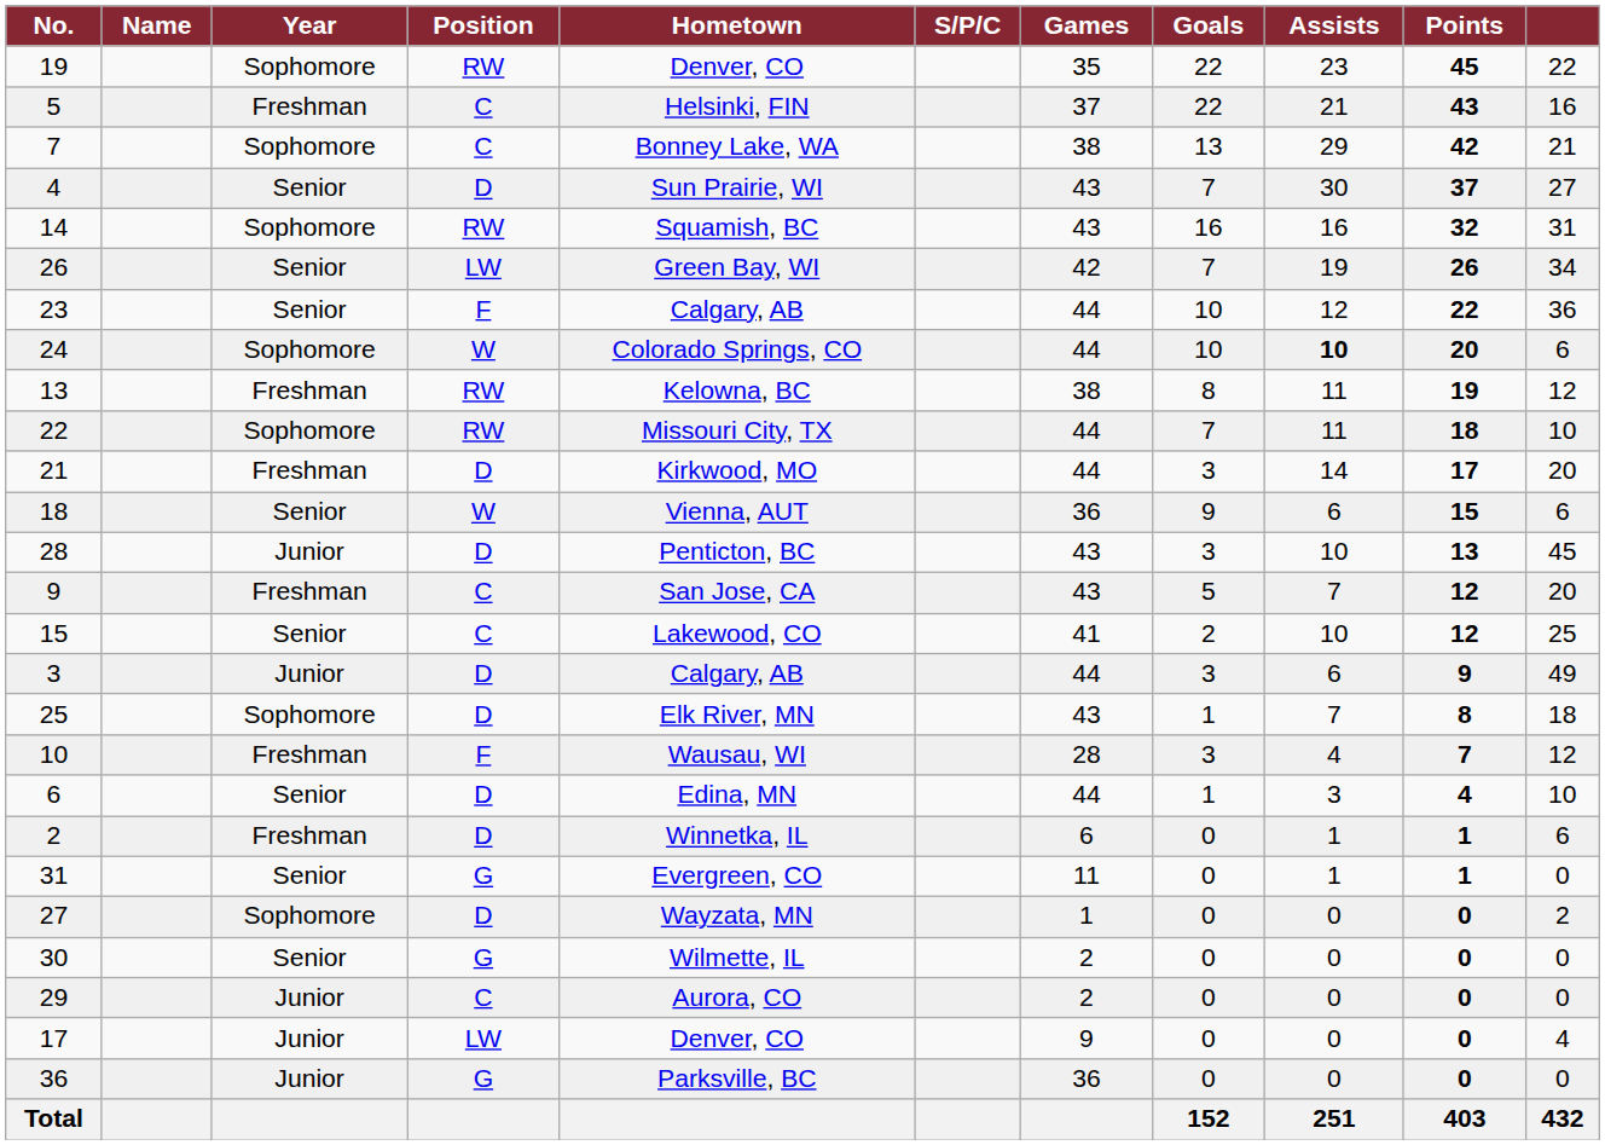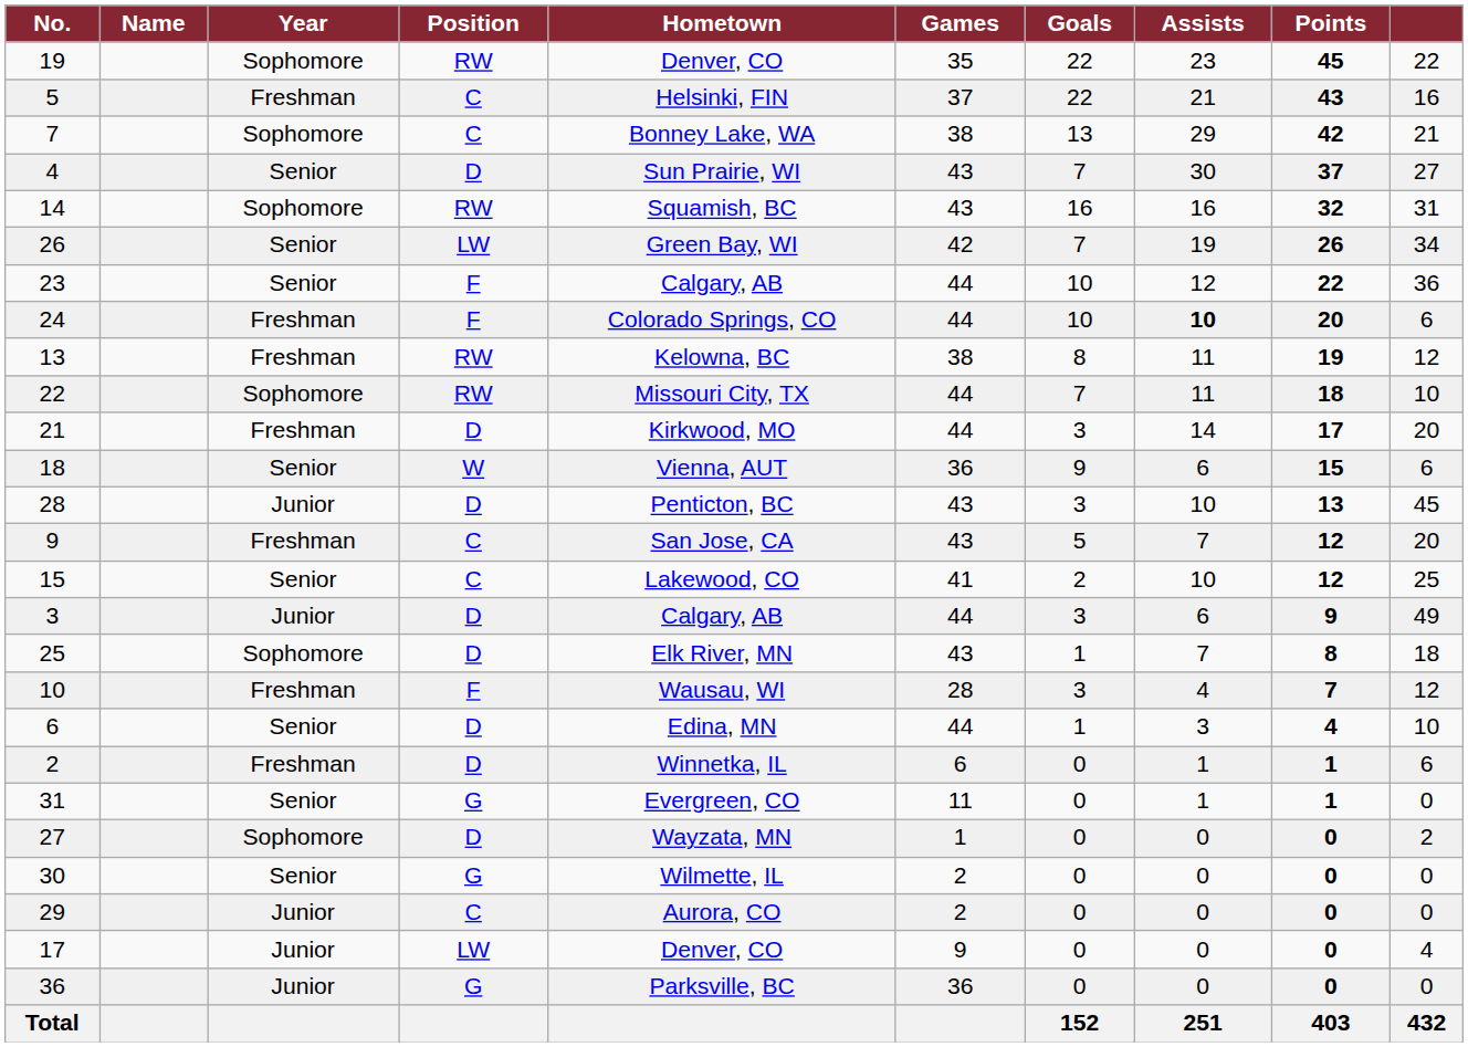 <table class="wikitable sortable" width ="1000">
 <tr align="center"  style=>
 <th style="color:white; background:#862633; ">No.</th>
 <th style="color:white; background:#862633; ">Name</th>
 <th style="color:white; background:#862633; ">Year</th>
 <th style="color:white; background:#862633; ">Position</th>
 <th style="color:white; background:#862633; ">Hometown</th>
-<th style="color:white; background:#862633; ">S/P/C</th>
 <th style="color:white; background:#862633; ">Games</th>
 <th style="color:white; background:#862633; ">Goals</th>
 <th style="color:white; background:#862633; ">Assists</th>
 <th style="color:white; background:#862633; ">Points</th>
 <th style="color:white; background:#862633; "><a href='#'></a></th>
 </tr>
 <tr align="center" bgcolor="">
 <td>19</td>
 <td></td>
 <td>Sophomore</td>
 <td><a href='#'>RW</a></td>
 <td><a href='#'>Denver</a>, <a href='#'>CO</a></td>
-<td></td>
 <td>35</td>
 <td>22</td>
 <td>23</td>
 <td><strong>45</strong></td>
 <td>22</td>
 </tr>
 <tr align="center" bgcolor="#f0f0f0">
 <td>5</td>
 <td></td>
 <td>Freshman</td>
 <td><a href='#'>C</a></td>
 <td><a href='#'>Helsinki</a>, <a href='#'>FIN</a></td>
-<td></td>
 <td>37</td>
 <td>22</td>
 <td>21</td>
 <td><strong>43</strong></td>
 <td>16</td>
 </tr>
 <tr align="center" bgcolor="">
 <td>7</td>
 <td></td>
 <td>Sophomore</td>
 <td><a href='#'>C</a></td>
 <td><a href='#'>Bonney Lake</a>, <a href='#'>WA</a></td>
-<td></td>
 <td>38</td>
 <td>13</td>
 <td>29</td>
 <td><strong>42</strong></td>
 <td>21</td>
 </tr>
 <tr align="center" bgcolor="#f0f0f0">
 <td>4</td>
 <td></td>
 <td>Senior</td>
 <td><a href='#'>D</a></td>
 <td><a href='#'>Sun Prairie</a>, <a href='#'>WI</a></td>
-<td></td>
 <td>43</td>
 <td>7</td>
 <td>30</td>
 <td><strong>37</strong></td>
 <td>27</td>
 </tr>
 <tr align="center" bgcolor="">
 <td>14</td>
 <td></td>
 <td>Sophomore</td>
 <td><a href='#'>RW</a></td>
 <td><a href='#'>Squamish</a>, <a href='#'>BC</a></td>
-<td></td>
 <td>43</td>
 <td>16</td>
 <td>16</td>
 <td><strong>32</strong></td>
 <td>31</td>
 </tr>
 <tr align="center" bgcolor="#f0f0f0">
 <td>26</td>
 <td></td>
 <td>Senior</td>
 <td><a href='#'>LW</a></td>
 <td><a href='#'>Green Bay</a>, <a href='#'>WI</a></td>
-<td></td>
 <td>42</td>
 <td>7</td>
 <td>19</td>
 <td><strong>26</strong></td>
 <td>34</td>
 </tr>
 <tr align="center" bgcolor="">
 <td>23</td>
 <td></td>
 <td>Senior</td>
 <td><a href='#'>F</a></td>
 <td><a href='#'>Calgary</a>, <a href='#'>AB</a></td>
-<td></td>
 <td>44</td>
 <td>10</td>
 <td>12</td>
 <td><strong>22</strong></td>
 <td>36</td>
 </tr>
 <tr align="center" bgcolor="#f0f0f0">
 <td>24</td>
 <td></td>
-<td>Sophomore</td>
-<td><a href='#'>W</a></td>
+<td>Freshman</td>
+<td><a href='#'>F</a></td>
 <td><a href='#'>Colorado Springs</a>, <a href='#'>CO</a></td>
-<td></td>
 <td>44</td>
 <td>10</td>
 <td><strong>10</strong></td>
 <td><strong>20</strong></td>
 <td>6</td>
 </tr>
 <tr align="center" bgcolor="">
 <td>13</td>
 <td></td>
 <td>Freshman</td>
 <td><a href='#'>RW</a></td>
 <td><a href='#'>Kelowna</a>, <a href='#'>BC</a></td>
-<td></td>
 <td>38</td>
 <td>8</td>
 <td>11</td>
 <td><strong>19</strong></td>
 <td>12</td>
 </tr>
 <tr align="center" bgcolor="#f0f0f0">
 <td>22</td>
 <td></td>
 <td>Sophomore</td>
 <td><a href='#'>RW</a></td>
 <td><a href='#'>Missouri City</a>, <a href='#'>TX</a></td>
-<td></td>
 <td>44</td>
 <td>7</td>
 <td>11</td>
 <td><strong>18</strong></td>
 <td>10</td>
 </tr>
 <tr align="center" bgcolor="">
 <td>21</td>
 <td></td>
 <td>Freshman</td>
 <td><a href='#'>D</a></td>
 <td><a href='#'>Kirkwood</a>, <a href='#'>MO</a></td>
-<td></td>
 <td>44</td>
 <td>3</td>
 <td>14</td>
 <td><strong>17</strong></td>
 <td>20</td>
 </tr>
 <tr align="center" bgcolor="#f0f0f0">
 <td>18</td>
 <td></td>
 <td>Senior</td>
 <td><a href='#'>W</a></td>
 <td><a href='#'>Vienna</a>, <a href='#'>AUT</a></td>
-<td></td>
 <td>36</td>
 <td>9</td>
 <td>6</td>
 <td><strong>15</strong></td>
 <td>6</td>
 </tr>
 <tr align="center" bgcolor="">
 <td>28</td>
 <td></td>
 <td>Junior</td>
 <td><a href='#'>D</a></td>
 <td><a href='#'>Penticton</a>, <a href='#'>BC</a></td>
-<td></td>
 <td>43</td>
 <td>3</td>
 <td>10</td>
 <td><strong>13</strong></td>
 <td>45</td>
 </tr>
 <tr align="center" bgcolor="#f0f0f0">
 <td>9</td>
 <td></td>
 <td>Freshman</td>
 <td><a href='#'>C</a></td>
 <td><a href='#'>San Jose</a>, <a href='#'>CA</a></td>
-<td></td>
 <td>43</td>
 <td>5</td>
 <td>7</td>
 <td><strong>12</strong></td>
 <td>20</td>
 </tr>
 <tr align="center" bgcolor="">
 <td>15</td>
 <td></td>
 <td>Senior</td>
 <td><a href='#'>C</a></td>
 <td><a href='#'>Lakewood</a>, <a href='#'>CO</a></td>
-<td></td>
 <td>41</td>
 <td>2</td>
 <td>10</td>
 <td><strong>12</strong></td>
 <td>25</td>
 </tr>
 <tr align="center" bgcolor="#f0f0f0">
 <td>3</td>
 <td></td>
 <td>Junior</td>
 <td><a href='#'>D</a></td>
 <td><a href='#'>Calgary</a>, <a href='#'>AB</a></td>
-<td></td>
 <td>44</td>
 <td>3</td>
 <td>6</td>
 <td><strong>9</strong></td>
 <td>49</td>
 </tr>
 <tr align="center" bgcolor="">
 <td>25</td>
 <td></td>
 <td>Sophomore</td>
 <td><a href='#'>D</a></td>
 <td><a href='#'>Elk River</a>, <a href='#'>MN</a></td>
-<td></td>
 <td>43</td>
 <td>1</td>
 <td>7</td>
 <td><strong>8</strong></td>
 <td>18</td>
 </tr>
 <tr align="center" bgcolor="#f0f0f0">
 <td>10</td>
 <td></td>
 <td>Freshman</td>
 <td><a href='#'>F</a></td>
 <td><a href='#'>Wausau</a>, <a href='#'>WI</a></td>
-<td></td>
 <td>28</td>
 <td>3</td>
 <td>4</td>
 <td><strong>7</strong></td>
 <td>12</td>
 </tr>
 <tr align="center" bgcolor="">
 <td>6</td>
 <td></td>
 <td>Senior</td>
 <td><a href='#'>D</a></td>
 <td><a href='#'>Edina</a>, <a href='#'>MN</a></td>
-<td></td>
 <td>44</td>
 <td>1</td>
 <td>3</td>
 <td><strong>4</strong></td>
 <td>10</td>
 </tr>
 <tr align="center" bgcolor="#f0f0f0">
 <td>2</td>
 <td></td>
 <td>Freshman</td>
 <td><a href='#'>D</a></td>
 <td><a href='#'>Winnetka</a>, <a href='#'>IL</a></td>
-<td></td>
 <td>6</td>
 <td>0</td>
 <td>1</td>
 <td><strong>1</strong></td>
 <td>6</td>
 </tr>
 <tr align="center" bgcolor="">
 <td>31</td>
 <td></td>
 <td>Senior</td>
 <td><a href='#'>G</a></td>
 <td><a href='#'>Evergreen</a>, <a href='#'>CO</a></td>
-<td></td>
 <td>11</td>
 <td>0</td>
 <td>1</td>
 <td><strong>1</strong></td>
 <td>0</td>
 </tr>
 <tr align="center" bgcolor="#f0f0f0">
 <td>27</td>
 <td></td>
 <td>Sophomore</td>
 <td><a href='#'>D</a></td>
 <td><a href='#'>Wayzata</a>, <a href='#'>MN</a></td>
-<td></td>
 <td>1</td>
 <td>0</td>
 <td>0</td>
 <td><strong>0</strong></td>
 <td>2</td>
 </tr>
 <tr align="center" bgcolor="">
 <td>30</td>
 <td></td>
 <td>Senior</td>
 <td><a href='#'>G</a></td>
 <td><a href='#'>Wilmette</a>, <a href='#'>IL</a></td>
-<td></td>
 <td>2</td>
 <td>0</td>
 <td>0</td>
 <td><strong>0</strong></td>
 <td>0</td>
 </tr>
 <tr align="center" bgcolor="#f0f0f0">
 <td>29</td>
 <td></td>
 <td>Junior</td>
 <td><a href='#'>C</a></td>
 <td><a href='#'>Aurora</a>, <a href='#'>CO</a></td>
-<td></td>
 <td>2</td>
 <td>0</td>
 <td>0</td>
 <td><strong>0</strong></td>
 <td>0</td>
 </tr>
 <tr align="center" bgcolor="">
 <td>17</td>
 <td></td>
 <td>Junior</td>
 <td><a href='#'>LW</a></td>
 <td><a href='#'>Denver</a>, <a href='#'>CO</a></td>
-<td></td>
 <td>9</td>
 <td>0</td>
 <td>0</td>
 <td><strong>0</strong></td>
 <td>4</td>
 </tr>
 <tr align="center" bgcolor="#f0f0f0">
 <td>36</td>
 <td></td>
 <td>Junior</td>
 <td><a href='#'>G</a></td>
 <td><a href='#'>Parksville</a>, <a href='#'>BC</a></td>
-<td></td>
 <td>36</td>
 <td>0</td>
 <td>0</td>
 <td><strong>0</strong></td>
 <td>0</td>
 </tr>
 <tr>
 <th>Total</th>
 <th></th>
 <th></th>
 <th></th>
 <th></th>
 <th></th>
-<th></th>
 <th>152</th>
 <th>251</th>
 <th>403</th>
 <th>432</th>
 </tr>
 </table>
